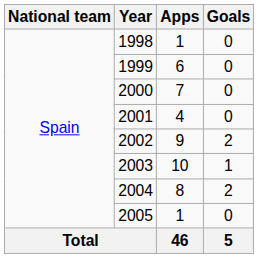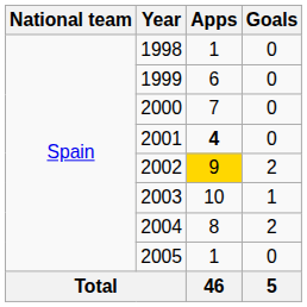 <table class="wikitable" style="text-align:center">
 <tr>
 <th>National team</th>
 <th>Year</th>
 <th>Apps</th>
 <th>Goals</th>
 </tr>
 <tr>
 <td rowspan="8"><a href='#'>Spain</a></td>
 <td>1998</td>
 <td>1</td>
 <td>0</td>
 </tr>
 <tr>
 <td>1999</td>
 <td>6</td>
 <td>0</td>
 </tr>
 <tr>
 <td>2000</td>
 <td>7</td>
 <td>0</td>
 </tr>
 <tr>
 <td>2001</td>
-<td>4</td>
+<td><strong>4</strong></td>
 <td>0</td>
 </tr>
 <tr>
 <td>2002</td>
-<td>9</td>
+<td style="background: gold;">9</td>
 <td>2</td>
 </tr>
 <tr>
 <td>2003</td>
 <td>10</td>
 <td>1</td>
 </tr>
 <tr>
 <td>2004</td>
 <td>8</td>
 <td>2</td>
 </tr>
 <tr>
 <td>2005</td>
 <td>1</td>
 <td>0</td>
 </tr>
 <tr>
 <th colspan="2">Total</th>
 <th>46</th>
 <th>5</th>
 </tr>
 </table>
